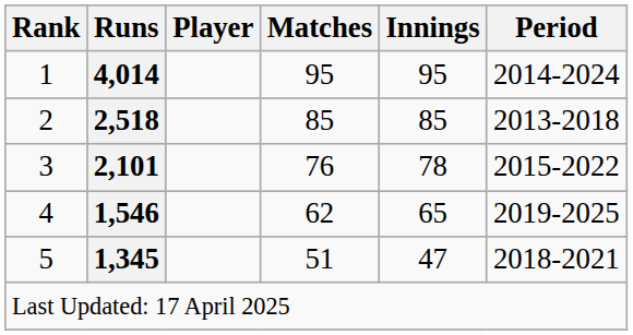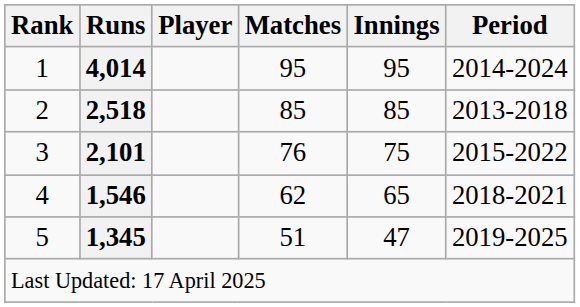 <table class="wikitable">
 <tr>
 <th style="text-align:center;"><strong>Rank</strong></th>
 <th style="text-align:center;"><strong>Runs</strong></th>
 <th style="text-align:center;"><strong>Player</strong></th>
 <th style="text-align:center;"><strong>Matches</strong></th>
 <th style="text-align:center;"><strong>Innings</strong></th>
 <th style="text-align:center;"><strong>Period</strong></th>
 </tr>
 <tr>
 <td align=center>1</td>
 <th scope=row style=text-align:center;>4,014</th>
 <td></td>
 <td align=center>95</td>
 <td align=center>95</td>
 <td>2014-2024</td>
 </tr>
 <tr>
 <td align=center>2</td>
 <th scope=row style=text-align:center;>2,518</th>
 <td></td>
 <td align=center>85</td>
 <td align=center>85</td>
 <td>2013-2018</td>
 </tr>
 <tr>
 <td align=center>3</td>
 <th scope=row style=text-align:center;>2,101</th>
 <td></td>
 <td align=center>76</td>
-<td align=center>78</td>
+<td align=center>75</td>
 <td>2015-2022</td>
 </tr>
 <tr>
 <td align="center">4</td>
 <th scope="row" style="text-align:center;">1,546</th>
 <td> </td>
 <td align="center">62</td>
 <td align="center">65</td>
-<td>2019-2025</td>
+<td>2018-2021</td>
 </tr>
 <tr>
 <td align="center">5</td>
 <th scope="row" style="text-align:center;">1,345</th>
 <td></td>
 <td align="center">51</td>
 <td align="center">47</td>
-<td>2018-2021</td>
+<td>2019-2025</td>
 </tr>
 <tr class=sortbottom>
 <td colspan=6><small>Last Updated: 17 April 2025</small></td>
 </tr>
 </table>
